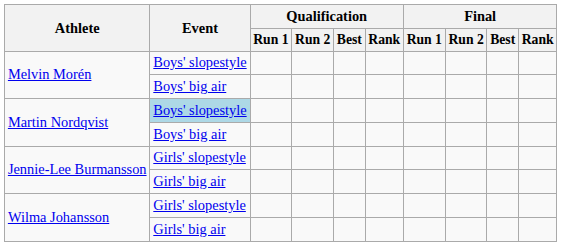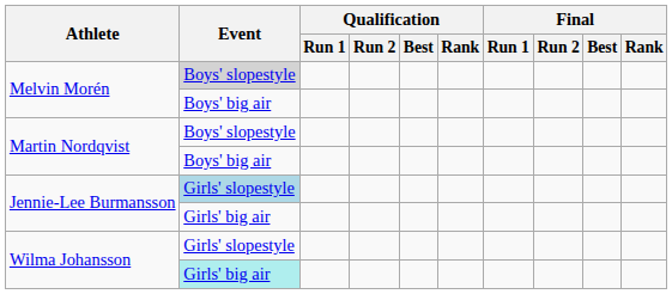 <table class="wikitable" style="font-size:90%">
 <tr>
 <th rowspan=2>Athlete</th>
 <th rowspan=2>Event</th>
 <th colspan=4>Qualification</th>
 <th colspan=4>Final</th>
 </tr>
 <tr style="font-size:95%">
 <th>Run 1</th>
 <th>Run 2</th>
 <th>Best</th>
 <th>Rank</th>
 <th>Run 1</th>
 <th>Run 2</th>
 <th>Best</th>
 <th>Rank</th>
 </tr>
 <tr align=center>
 <td align=left rowspan=2><a href='#'>Melvin Morén</a></td>
+<td align=left style="background: lightgrey;"><a href='#'>Boys' slopestyle</a></td>
+<td></td>
+<td></td>
+<td></td>
+<td></td>
+<td></td>
+<td></td>
+<td></td>
+<td></td>
+</tr>
+<tr align=center>
+<td align=left><a href='#'>Boys' big air</a></td>
+<td></td>
+<td></td>
+<td></td>
+<td></td>
+<td></td>
+<td></td>
+<td></td>
+<td></td>
+</tr>
+<tr align=center>
+<td align=left rowspan=2><a href='#'>Martin Nordqvist</a></td>
 <td align=left><a href='#'>Boys' slopestyle</a></td>
 <td></td>
 <td></td>
 <td></td>
 <td></td>
 <td></td>
 <td></td>
 <td></td>
 <td></td>
 </tr>
 <tr align=center>
 <td align=left><a href='#'>Boys' big air</a></td>
 <td></td>
 <td></td>
 <td></td>
 <td></td>
 <td></td>
 <td></td>
 <td></td>
 <td></td>
 </tr>
 <tr align=center>
-<td align=left rowspan=2><a href='#'>Martin Nordqvist</a></td>
-<td align=left style="background: lightblue;"><a href='#'>Boys' slopestyle</a></td>
-<td></td>
-<td></td>
-<td></td>
-<td></td>
-<td></td>
-<td></td>
-<td></td>
-<td></td>
-</tr>
-<tr align=center>
-<td align=left><a href='#'>Boys' big air</a></td>
-<td></td>
-<td></td>
-<td></td>
-<td></td>
-<td></td>
-<td></td>
-<td></td>
-<td></td>
-</tr>
-<tr align=center>
 <td align=left rowspan=2><a href='#'>Jennie-Lee Burmansson</a></td>
-<td align=left><a href='#'>Girls' slopestyle</a></td>
+<td align=left style="background: lightblue;"><a href='#'>Girls' slopestyle</a></td>
 <td></td>
 <td></td>
 <td></td>
 <td></td>
 <td></td>
 <td></td>
 <td></td>
 <td></td>
 </tr>
 <tr align=center>
 <td align=left><a href='#'>Girls' big air</a></td>
 <td></td>
 <td></td>
 <td></td>
 <td></td>
 <td></td>
 <td></td>
 <td></td>
 <td></td>
 </tr>
 <tr align=center>
 <td align=left rowspan=2><a href='#'>Wilma Johansson</a></td>
 <td align=left><a href='#'>Girls' slopestyle</a></td>
 <td></td>
 <td></td>
 <td></td>
 <td></td>
 <td></td>
 <td></td>
 <td></td>
 <td></td>
 </tr>
 <tr align=center>
-<td align=left><a href='#'>Girls' big air</a></td>
+<td align=left style="background: paleturquoise;"><a href='#'>Girls' big air</a></td>
 <td></td>
 <td></td>
 <td></td>
 <td></td>
 <td></td>
 <td></td>
 <td></td>
 <td></td>
 </tr>
 </table>
